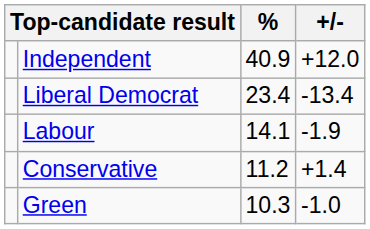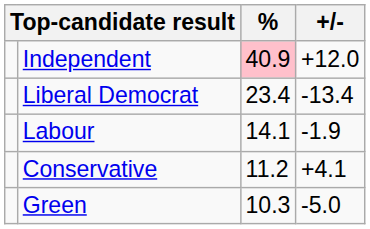 <table class="wikitable">
 <tr>
 <th colspan="2">Top-candidate result</th>
 <th>%</th>
 <th>+/-</th>
 </tr>
 <tr>
 <td style="background-color: "></td>
 <td><a href='#'>Independent</a></td>
-<td>40.9</td>
+<td style="background: pink;">40.9</td>
 <td>+12.0</td>
 </tr>
 <tr>
 <td style="background-color: "></td>
 <td><a href='#'>Liberal Democrat</a></td>
 <td>23.4</td>
 <td>-13.4</td>
 </tr>
 <tr>
 <td style="background-color: "></td>
 <td><a href='#'>Labour</a></td>
 <td>14.1</td>
 <td>-1.9</td>
 </tr>
 <tr>
 <td style="background-color: "></td>
 <td><a href='#'>Conservative</a></td>
 <td>11.2</td>
-<td>+1.4</td>
+<td>+4.1</td>
 </tr>
 <tr>
 <td style="background-color: "></td>
 <td><a href='#'>Green</a></td>
 <td>10.3</td>
-<td>-1.0</td>
+<td>-5.0</td>
 </tr>
 </table>
